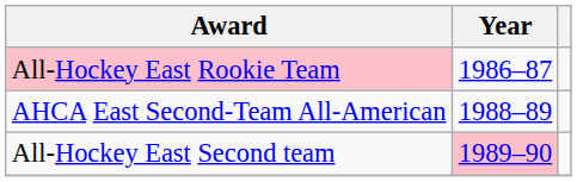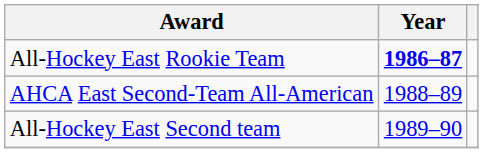 <table class="wikitable">
 <tr>
 <th>Award</th>
 <th>Year</th>
 <th></th>
 </tr>
 <tr>
-<td style="background: pink;">All-<a href='#'>Hockey East</a> <a href='#'>Rookie Team</a></td>
-<td><a href='#'>1986–87</a></td>
+<td>All-<a href='#'>Hockey East</a> <a href='#'>Rookie Team</a></td>
+<td><strong><a href='#'>1986–87</a></strong></td>
 <td></td>
 </tr>
 <tr>
 <td><a href='#'>AHCA</a> <a href='#'>East Second-Team All-American</a></td>
 <td><a href='#'>1988–89</a></td>
 <td></td>
 </tr>
 <tr>
 <td>All-<a href='#'>Hockey East</a> <a href='#'>Second team</a></td>
-<td style="background: pink;"><a href='#'>1989–90</a></td>
+<td><a href='#'>1989–90</a></td>
 <td></td>
 </tr>
 <tr>
 </tr>
 </table>
